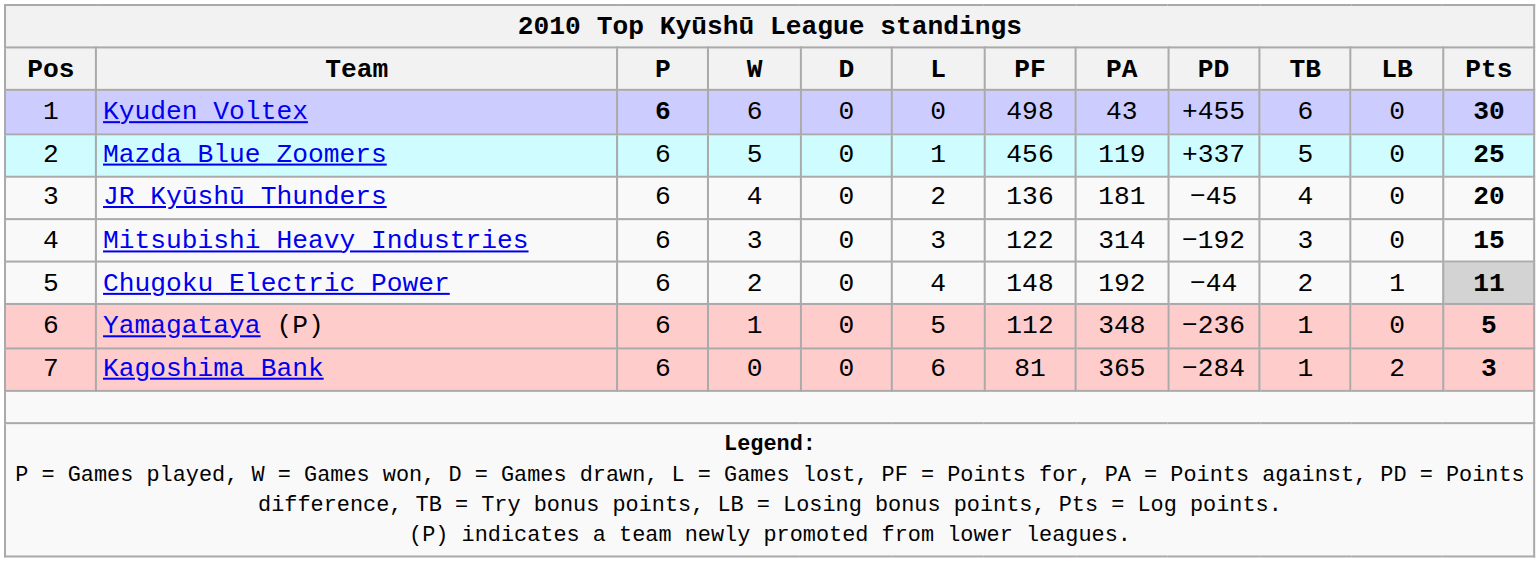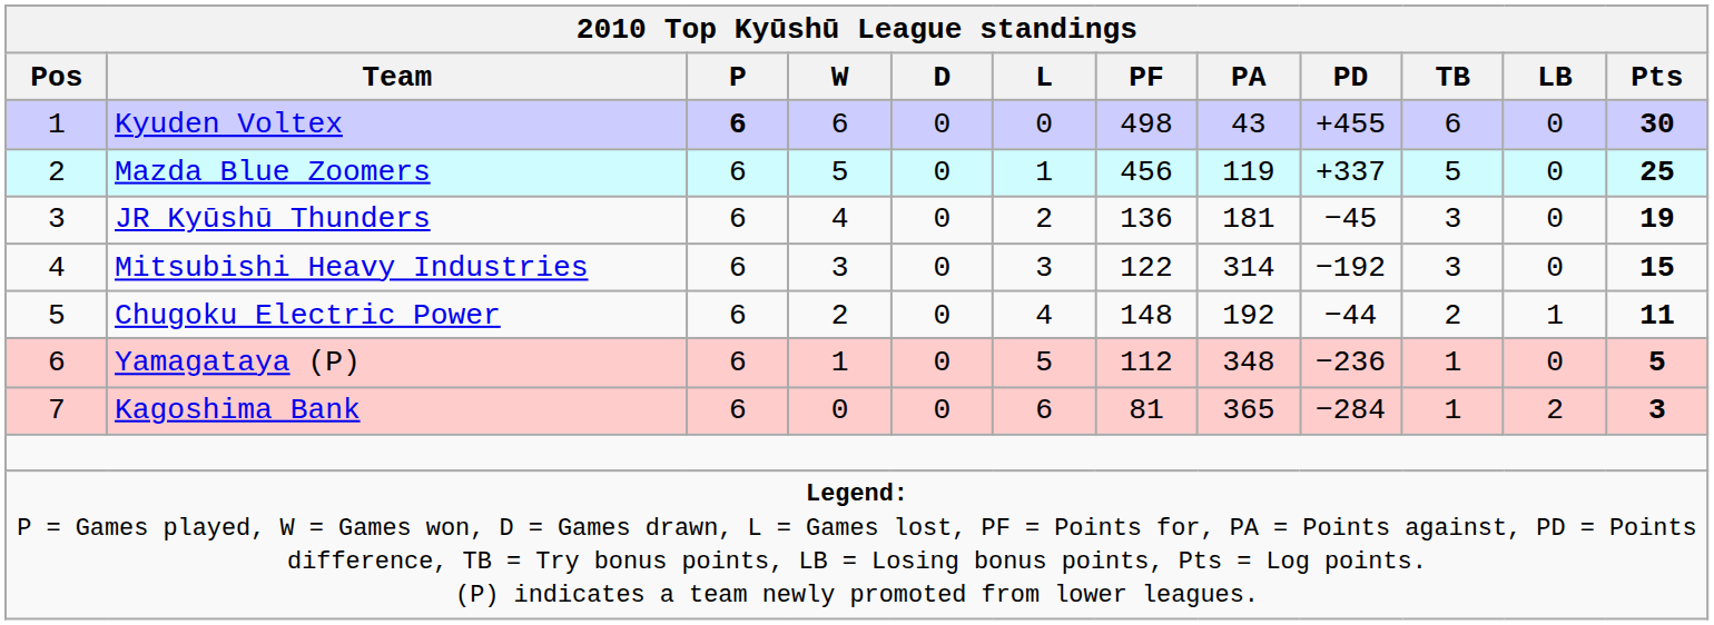 <table class="wikitable" style="text-align:center; font-size:100%; width:60%;">
 <tr>
 <th colspan="100%" cellpadding="0" cellspacing="0"><strong>2010 Top Kyūshū League standings</strong></th>
 </tr>
 <tr>
 <th style="width:6%;">Pos</th>
 <th style="width:34%;">Team</th>
 <th style="width:6%;">P</th>
 <th style="width:6%;">W</th>
 <th style="width:6%;">D</th>
 <th style="width:6%;">L</th>
 <th style="width:6%;">PF</th>
 <th style="width:6%;">PA</th>
 <th style="width:6%;">PD</th>
 <th style="width:6%;">TB</th>
 <th style="width:6%;">LB</th>
 <th style="width:6%;">Pts<br></th>
 </tr>
 <tr style="background:#CCCCFF;">
 <td>1</td>
 <td style="text-align:left;"><a href='#'>Kyuden Voltex</a></td>
 <td><strong>6</strong></td>
 <td>6</td>
 <td>0</td>
 <td>0</td>
 <td>498</td>
 <td>43</td>
 <td>+455</td>
 <td>6</td>
 <td>0</td>
 <td><strong>30</strong></td>
 </tr>
 <tr style="background:#CFFCFF;">
 <td>2</td>
 <td style="text-align:left;"><a href='#'>Mazda Blue Zoomers</a></td>
 <td>6</td>
 <td>5</td>
 <td>0</td>
 <td>1</td>
 <td>456</td>
 <td>119</td>
 <td>+337</td>
 <td>5</td>
 <td>0</td>
 <td><strong>25</strong></td>
 </tr>
 <tr>
 <td>3</td>
 <td style="text-align:left;"><a href='#'>JR Kyūshū Thunders</a></td>
 <td>6</td>
 <td>4</td>
 <td>0</td>
 <td>2</td>
 <td>136</td>
 <td>181</td>
 <td>−45</td>
-<td>4</td>
+<td>3</td>
 <td>0</td>
-<td><strong>20</strong></td>
+<td><strong>19</strong></td>
 </tr>
 <tr>
 <td>4</td>
 <td style="text-align:left;"><a href='#'>Mitsubishi Heavy Industries</a></td>
 <td>6</td>
 <td>3</td>
 <td>0</td>
 <td>3</td>
 <td>122</td>
 <td>314</td>
 <td>−192</td>
 <td>3</td>
 <td>0</td>
 <td><strong>15</strong></td>
 </tr>
 <tr>
 <td>5</td>
 <td style="text-align:left;"><a href='#'>Chugoku Electric Power</a></td>
 <td>6</td>
 <td>2</td>
 <td>0</td>
 <td>4</td>
 <td>148</td>
 <td>192</td>
 <td>−44</td>
 <td>2</td>
 <td>1</td>
-<td style="background: lightgrey;"><strong>11</strong></td>
+<td><strong>11</strong></td>
 </tr>
 <tr style="background:#FFCCCC;">
 <td>6</td>
 <td style="text-align:left;"><a href='#'>Yamagataya</a> (P)</td>
 <td>6</td>
 <td>1</td>
 <td>0</td>
 <td>5</td>
 <td>112</td>
 <td>348</td>
 <td>−236</td>
 <td>1</td>
 <td>0</td>
 <td><strong>5</strong></td>
 </tr>
 <tr style="background:#FFCCCC;">
 <td>7</td>
 <td style="text-align:left;"><a href='#'>Kagoshima Bank</a></td>
 <td>6</td>
 <td>0</td>
 <td>0</td>
 <td>6</td>
 <td>81</td>
 <td>365</td>
 <td>−284</td>
 <td>1</td>
 <td>2</td>
 <td><strong>3</strong></td>
 </tr>
 <tr>
 <td colspan="100%" style="height:10px;"></td>
 </tr>
 <tr>
 <td colspan="100%"><small><strong>Legend:</strong> <br> P = Games played, W = Games won, D = Games drawn, L = Games lost, PF = Points for, PA = Points against, PD = Points difference, TB = Try bonus points, LB = Losing bonus points, Pts = Log points. <br> (P) indicates a team newly promoted from lower leagues.</small></td>
 </tr>
 </table>
